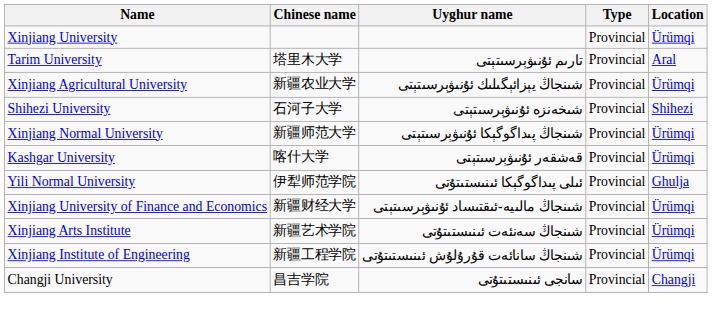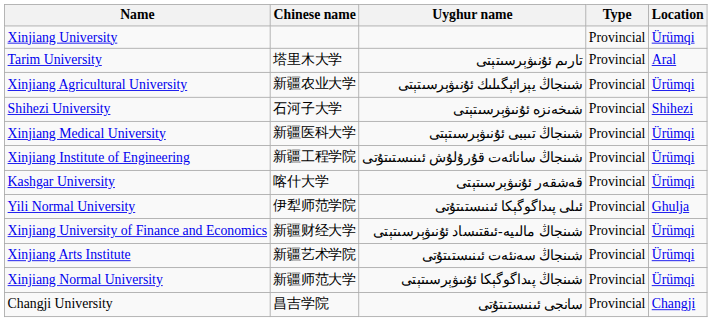 <table class="wikitable + sortable">
 <tr>
 <th>Name</th>
 <th>Chinese name</th>
 <th>Uyghur name</th>
 <th>Type</th>
 <th>Location</th>
 </tr>
 <tr>
 <td><a href='#'>Xinjiang University</a></td>
 <td></td>
 <td align=right></td>
 <td>Provincial</td>
 <td><a href='#'>Ürümqi</a></td>
 </tr>
 <tr>
 <td><a href='#'>Tarim University</a></td>
 <td>塔里木大学</td>
 <td align=right>تارىم ئۇنىۋېرسىتېتى</td>
 <td>Provincial</td>
 <td><a href='#'>Aral</a></td>
 </tr>
 <tr>
 <td><a href='#'>Xinjiang Agricultural University</a></td>
 <td>新疆农业大学</td>
 <td align=right>شىنجاڭ يېزائېگىلىك ئۇنىۋېرسىتېتى</td>
 <td>Provincial</td>
 <td><a href='#'>Ürümqi</a></td>
 </tr>
 <tr>
 <td><a href='#'>Shihezi University</a></td>
 <td>石河子大学</td>
 <td align=right>شىخەنزە ئۇنىۋېرسىتېتى</td>
 <td>Provincial</td>
 <td><a href='#'>Shihezi</a></td>
 </tr>
 <tr>
-<td><a href='#'>Xinjiang Normal University</a></td>
-<td>新疆师范大学</td>
-<td align=right>شىنجاڭ پىداگوگېكا ئۇنىۋېرسىتېتى</td>
+<td><a href='#'>Xinjiang Medical University</a></td>
+<td>新疆医科大学</td>
+<td align=right>شىنجاڭ تىببى ئۇنىۋېرسىتېتى</td>
+<td>Provincial</td>
+<td><a href='#'>Ürümqi</a></td>
+</tr>
+<tr>
+<td><a href='#'>Xinjiang Institute of Engineering</a></td>
+<td>新疆工程学院</td>
+<td align=right>شىنجاڭ سانائەت قۇرۇلۇش ئ‍ىنىستىتۇتى</td>
 <td>Provincial</td>
 <td><a href='#'>Ürümqi</a></td>
 </tr>
 <tr>
 <td><a href='#'>Kashgar University</a></td>
 <td>喀什大学</td>
 <td align=right>قەشقەر ئۇنىۋېرسىتېتى</td>
 <td>Provincial</td>
 <td><a href='#'>Ürümqi</a></td>
 </tr>
 <tr>
 <td><a href='#'>Yili Normal University</a></td>
 <td>伊犁师范学院</td>
 <td align=right>ئىلى پىداگوگېكا ئىنىستىتۇتى</td>
 <td>Provincial</td>
 <td><a href='#'>Ghulja</a></td>
 </tr>
 <tr>
 <td><a href='#'>Xinjiang University of Finance and Economics</a></td>
 <td>新疆财经大学</td>
 <td align=right>شىنجاڭ مالىيە-ئىقتىساد ئۇنىۋېرسىتېتى</td>
 <td>Provincial</td>
 <td><a href='#'>Ürümqi</a></td>
 </tr>
 <tr>
 <td><a href='#'>Xinjiang Arts Institute</a></td>
 <td>新疆艺术学院</td>
 <td align=right>شىنجاڭ سەنئەت ئىنىستىتۇتى</td>
 <td>Provincial</td>
 <td><a href='#'>Ürümqi</a></td>
 </tr>
 <tr>
-<td><a href='#'>Xinjiang Institute of Engineering</a></td>
-<td>新疆工程学院</td>
-<td align=right>شىنجاڭ سانائەت قۇرۇلۇش ئ‍ىنىستىتۇتى</td>
+<td><a href='#'>Xinjiang Normal University</a></td>
+<td>新疆师范大学</td>
+<td align=right>شىنجاڭ پىداگوگېكا ئۇنىۋېرسىتېتى</td>
 <td>Provincial</td>
 <td><a href='#'>Ürümqi</a></td>
 </tr>
 <tr>
 <td>Changji University</td>
 <td>昌吉学院</td>
 <td align=right>سانجى ئىنىستىتۇتى</td>
 <td>Provincial</td>
 <td><a href='#'>Changji</a></td>
 </tr>
 </table>
